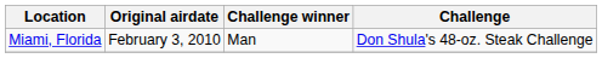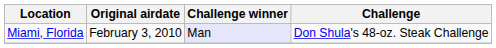 <table class="wikitable sortable" border="2"">
 <tr>
 <th>Location</th>
 <th>Original airdate</th>
 <th>Challenge winner</th>
 <th>Challenge</th>
 </tr>
 <tr>
 <td><a href='#'>Miami, Florida</a></td>
 <td>February 3, 2010</td>
-<td>Man</td>
+<td style="background: lavender;">Man</td>
 <td><a href='#'>Don Shula</a>'s 48-oz. Steak Challenge</td>
 </tr>
 <tr>
 </tr>
 </table>
